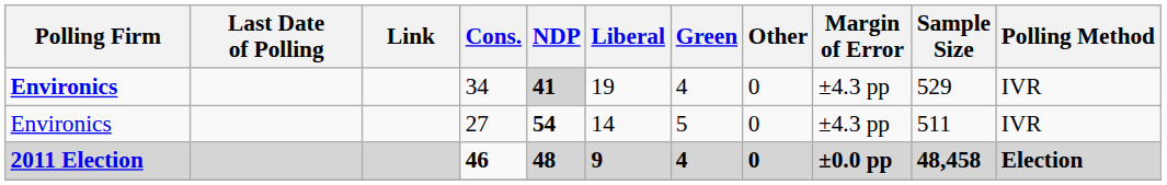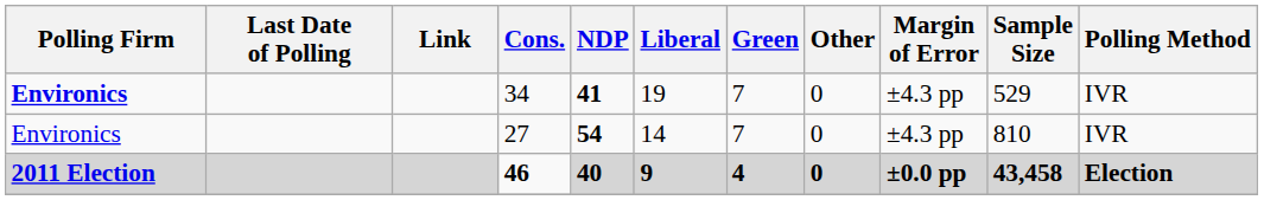 <table class="wikitable sortable">
 <tr style="background:#e9e9e9;">
 <th style="width:120px">Polling Firm</th>
 <th style="width:110px">Last Date<br>of Polling</th>
 <th style="width:60px" class="unsortable">Link</th>
 <th style="background-color:"><strong><a href='#'>Cons.</a></strong></th>
 <th style="background-color:"><strong><a href='#'>NDP</a></strong></th>
 <th style="background-color:"><strong><a href='#'>Liberal</a></strong></th>
 <th style="background-color:"><strong><a href='#'>Green</a></strong></th>
 <th style="background-color:"><strong>Other</strong></th>
 <th style="width:60px;" class=unsortable>Margin<br>of Error</th>
 <th style="width:50px;" class=unsortable>Sample<br>Size</th>
 <th class=unsortable>Polling Method</th>
 </tr>
 <tr>
 <td><strong><a href='#'>Environics</a></strong></td>
 <td></td>
 <td></td>
 <td>34</td>
-<td style="background: lightgrey;"><strong>41</strong></td>
+<td><strong>41</strong></td>
 <td>19</td>
-<td>4</td>
+<td>7</td>
 <td>0</td>
 <td>±4.3 pp</td>
 <td>529</td>
 <td>IVR</td>
 </tr>
 <tr>
 <td><a href='#'>Environics</a></td>
 <td></td>
 <td></td>
 <td>27</td>
 <td><strong>54</strong></td>
 <td>14</td>
-<td>5</td>
+<td>7</td>
 <td>0</td>
 <td>±4.3 pp</td>
-<td>511</td>
+<td>810</td>
 <td>IVR</td>
 </tr>
 <tr>
 <td style="background:#D5D5D5"><strong><a href='#'>2011 Election</a></strong></td>
 <td style="background:#D5D5D5"><strong></strong></td>
 <td style="background:#D5D5D5"></td>
 <td><strong>46</strong></td>
-<td style="background:#D5D5D5"><strong>48</strong></td>
+<td style="background:#D5D5D5"><strong>40</strong></td>
 <td style="background:#D5D5D5"><strong>9</strong></td>
 <td style="background:#D5D5D5"><strong>4</strong></td>
 <td style="background:#D5D5D5"><strong>0</strong></td>
 <td style="background:#D5D5D5"><strong>±0.0 pp</strong></td>
-<td style="background:#D5D5D5"><strong>48,458</strong></td>
+<td style="background:#D5D5D5"><strong>43,458</strong></td>
 <td style="background:#D5D5D5"><strong>Election</strong></td>
 </tr>
 <tr>
 </tr>
 <tr>
 </tr>
 </table>
